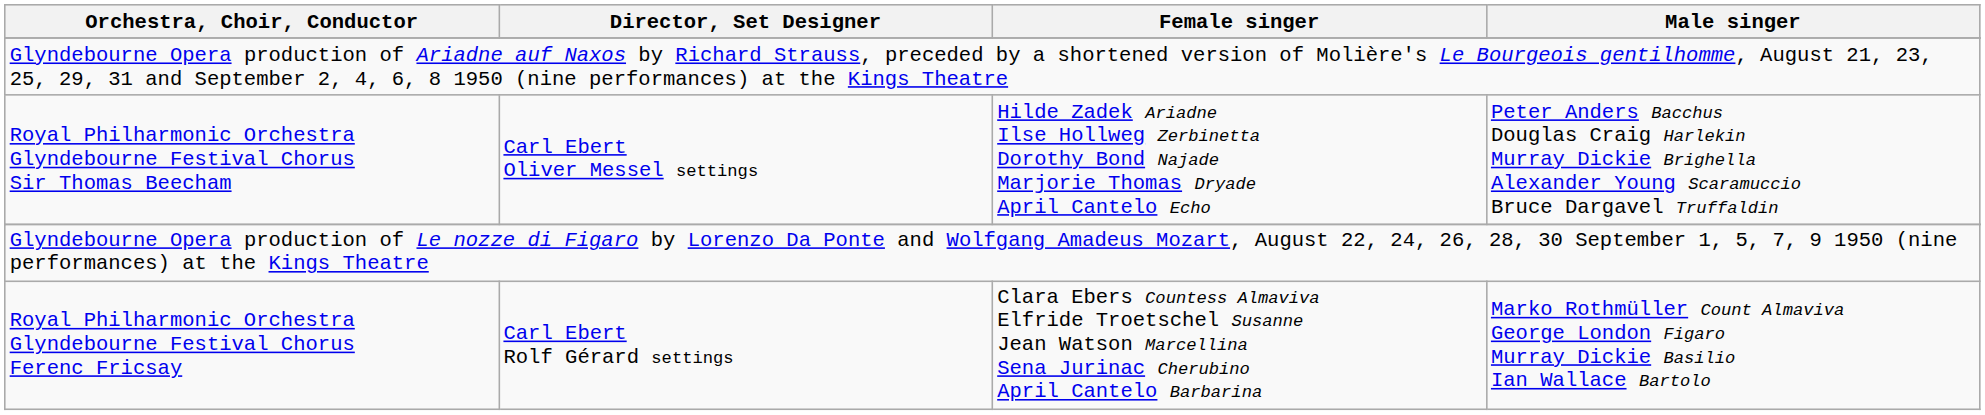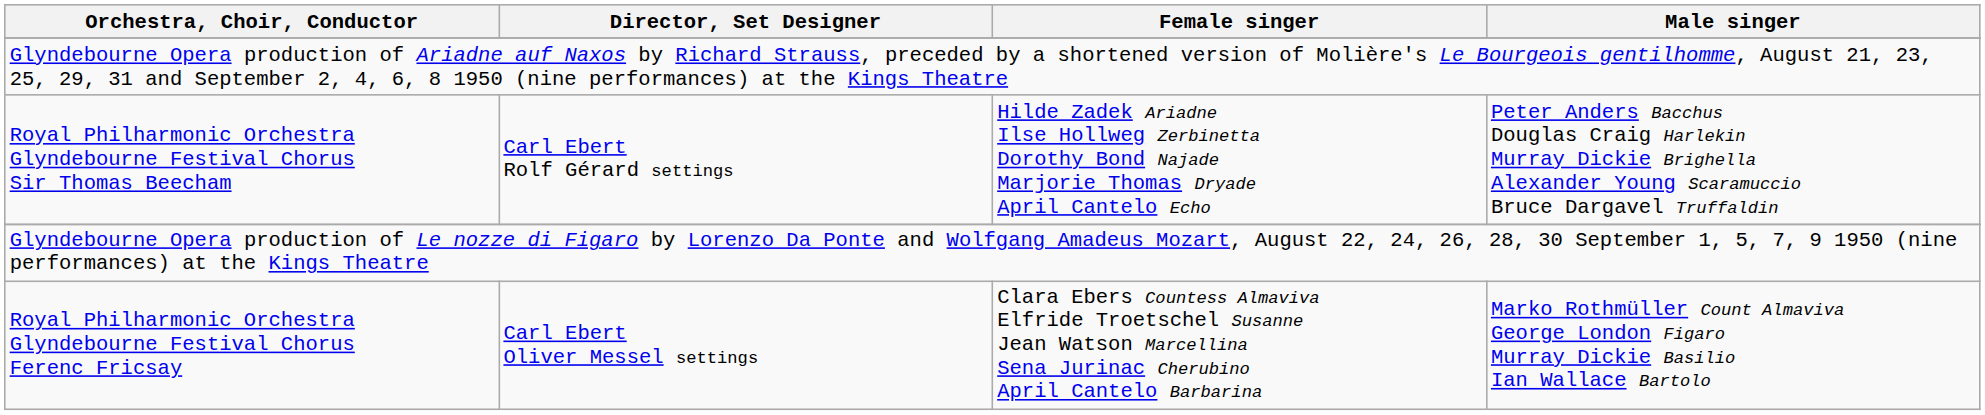 <table class="wikitable toptextcells">
 <tr class="hintergrundfarbe5">
 <th style="width:25%;">Orchestra, Choir, Conductor</th>
 <th style="width:25%;">Director, Set Designer</th>
 <th style="width:25%;">Female singer</th>
 <th style="width:25%;">Male singer</th>
 </tr>
 <tr>
 </tr>
 <tr class="hintergrundfarbe8">
 <td colspan="9"><a href='#'>Glyndebourne Opera</a> production of <em><a href='#'>Ariadne auf Naxos</a></em> by <a href='#'>Richard Strauss</a>, preceded by a shortened version of Molière's <em><a href='#'>Le Bourgeois gentilhomme</a></em>, August 21, 23, 25, 29, 31 and September 2, 4, 6, 8 1950 (nine performances) at the <a href='#'>Kings Theatre</a></td>
 </tr>
 <tr>
 <td><a href='#'>Royal Philharmonic Orchestra</a><br><a href='#'>Glyndebourne Festival Chorus</a><br><a href='#'>Sir Thomas Beecham</a></td>
-<td><a href='#'>Carl Ebert</a><br><a href='#'>Oliver Messel</a> <small>settings</small></td>
+<td><a href='#'>Carl Ebert</a><br>Rolf Gérard <small>settings</small></td>
 <td><a href='#'>Hilde Zadek</a> <small><em>Ariadne</em></small><br><a href='#'>Ilse Hollweg</a> <small><em>Zerbinetta</em></small><br><a href='#'>Dorothy Bond</a> <small><em>Najade</em></small><br><a href='#'>Marjorie Thomas</a> <small><em>Dryade</em></small><br><a href='#'>April Cantelo</a> <small><em>Echo</em></small></td>
 <td><a href='#'>Peter Anders</a> <small><em>Bacchus</em></small><br>Douglas Craig <small><em>Harlekin</em></small><br><a href='#'>Murray Dickie</a> <small><em>Brighella</em></small><br><a href='#'>Alexander Young</a> <small><em>Scaramuccio</em></small><br>Bruce Dargavel <small><em>Truffaldin</em></small></td>
 </tr>
 <tr>
 </tr>
 <tr class="hintergrundfarbe8">
 <td colspan="9"><a href='#'>Glyndebourne Opera</a> production of <em><a href='#'>Le nozze di Figaro</a></em> by <a href='#'>Lorenzo Da Ponte</a> and <a href='#'>Wolfgang Amadeus Mozart</a>, August 22, 24, 26, 28, 30 September 1, 5, 7, 9 1950 (nine performances) at the <a href='#'>Kings Theatre</a></td>
 </tr>
 <tr>
 <td><a href='#'>Royal Philharmonic Orchestra</a><br><a href='#'>Glyndebourne Festival Chorus</a><br><a href='#'>Ferenc Fricsay</a></td>
-<td><a href='#'>Carl Ebert</a><br>Rolf Gérard <small>settings</small></td>
+<td><a href='#'>Carl Ebert</a><br><a href='#'>Oliver Messel</a> <small>settings</small></td>
 <td>Clara Ebers <small><em>Countess Almaviva</em></small><br>Elfride Troetschel <small><em>Susanne</em></small><br>Jean Watson <small><em>Marcellina</em></small><br><a href='#'>Sena Jurinac</a> <small><em>Cherubino</em></small><br><a href='#'>April Cantelo</a> <small><em>Barbarina</em></small></td>
 <td><a href='#'>Marko Rothmüller</a> <small><em> Count Almaviva</em></small><br><a href='#'>George London</a> <small><em>Figaro</em></small><br><a href='#'>Murray Dickie</a> <small><em>Basilio</em></small><br><a href='#'>Ian Wallace</a> <small><em>Bartolo</em></small></td>
 </tr>
 </table>
